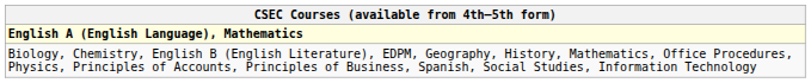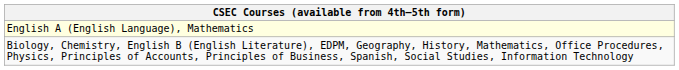 <table class="wikitable collapsible">
 <tr>
 <th colspan="4">CSEC Courses (available from 4th–5th form)</th>
 </tr>
 <tr>
-<td style="background:lightyellow;"><strong>English A (English Language), Mathematics</strong></td>
+<td style="background:lightyellow;">English A (English Language), Mathematics</td>
 </tr>
 <tr>
 <td>Biology, Chemistry, English B (English Literature), EDPM, Geography, History, Mathematics, Office Procedures, Physics, Principles of Accounts, Principles of Business, Spanish, Social Studies, Information Technology</td>
 </tr>
 </table>
